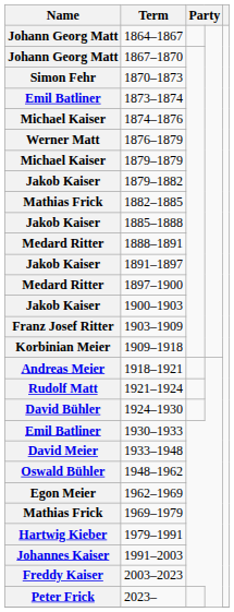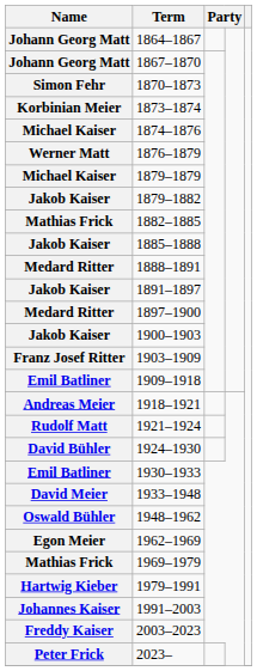 <table class="wikitable">
 <tr>
 <th scope="col">Name</th>
 <th scope="col">Term</th>
 <th colspan="2" scope="colgroup">Party</th>
 <th scope="col"></th>
 </tr>
 <tr>
 <th scope="row">Johann Georg Matt</th>
 <td>1864–1867</td>
 <td style="background:"></td>
 <td rowspan="16"></td>
 <td rowspan="28"></td>
 </tr>
 <tr>
 <th>Johann Georg Matt</th>
 <td>1867–1870</td>
 </tr>
 <tr>
 <th>Simon Fehr</th>
 <td>1870–1873</td>
 </tr>
 <tr>
-<th><a href='#'>Emil Batliner</a></th>
+<th>Korbinian Meier</th>
 <td>1873–1874</td>
 </tr>
 <tr>
 <th>Michael Kaiser</th>
 <td>1874–1876</td>
 </tr>
 <tr>
 <th>Werner Matt</th>
 <td>1876–1879</td>
 </tr>
 <tr>
 <th>Michael Kaiser</th>
 <td>1879–1879</td>
 </tr>
 <tr>
 <th>Jakob Kaiser</th>
 <td>1879–1882</td>
 </tr>
 <tr>
 <th>Mathias Frick</th>
 <td>1882–1885</td>
 </tr>
 <tr>
 <th>Jakob Kaiser</th>
 <td>1885–1888</td>
 </tr>
 <tr>
 <th>Medard Ritter</th>
 <td>1888–1891</td>
 </tr>
 <tr>
 <th>Jakob Kaiser</th>
 <td>1891–1897</td>
 </tr>
 <tr>
 <th>Medard Ritter</th>
 <td>1897–1900</td>
 </tr>
 <tr>
 <th>Jakob Kaiser</th>
 <td>1900–1903</td>
 </tr>
 <tr>
 <th>Franz Josef Ritter</th>
 <td>1903–1909</td>
 </tr>
 <tr>
-<th>Korbinian Meier</th>
+<th><a href='#'>Emil Batliner</a></th>
 <td>1909–1918</td>
 </tr>
 <tr>
 <th><a href='#'>Andreas Meier</a></th>
 <td>1918–1921</td>
 <td></td>
 </tr>
 <tr>
 <th><a href='#'>Rudolf Matt</a></th>
 <td>1921–1924</td>
 <td></td>
 </tr>
 <tr>
 <th><a href='#'>David Bühler</a></th>
 <td>1924–1930</td>
 <td></td>
 </tr>
 <tr>
 <th><a href='#'>Emil Batliner</a></th>
 <td>1930–1933</td>
 </tr>
 <tr>
 <th><a href='#'>David Meier</a></th>
 <td>1933–1948</td>
 </tr>
 <tr>
 <th><a href='#'>Oswald Bühler</a></th>
 <td>1948–1962</td>
 </tr>
 <tr>
 <th>Egon Meier</th>
 <td>1962–1969</td>
 </tr>
 <tr>
 <th>Mathias Frick</th>
 <td>1969–1979</td>
 </tr>
 <tr>
 <th><a href='#'>Hartwig Kieber</a></th>
 <td>1979–1991</td>
 </tr>
 <tr>
 <th><a href='#'>Johannes Kaiser</a></th>
 <td>1991–2003</td>
 </tr>
 <tr>
 <th><a href='#'>Freddy Kaiser</a></th>
 <td>2003–2023</td>
 </tr>
 <tr>
 <th><a href='#'>Peter Frick</a></th>
 <td>2023–</td>
 <td></td>
 </tr>
 <tr>
 </tr>
 </table>
